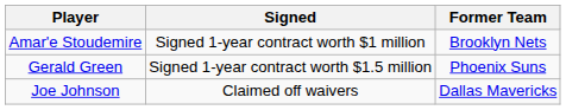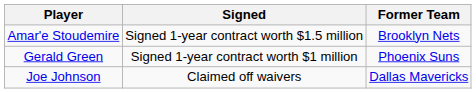 <table class="wikitable sortable sortable">
 <tr>
 <th>Player</th>
 <th>Signed</th>
 <th>Former Team</th>
 </tr>
 <tr style="text-align: center">
 <td><a href='#'>Amar'e Stoudemire</a></td>
-<td>Signed 1-year contract worth $1 million</td>
+<td>Signed 1-year contract worth $1.5 million</td>
 <td><a href='#'>Brooklyn Nets</a></td>
 </tr>
 <tr style="text-align: center">
 <td><a href='#'>Gerald Green</a></td>
-<td>Signed 1-year contract worth $1.5 million</td>
+<td>Signed 1-year contract worth $1 million</td>
 <td><a href='#'>Phoenix Suns</a></td>
 </tr>
 <tr style="text-align: center">
 <td><a href='#'>Joe Johnson</a></td>
 <td>Claimed off waivers</td>
 <td><a href='#'>Dallas Mavericks</a></td>
 </tr>
 </table>
